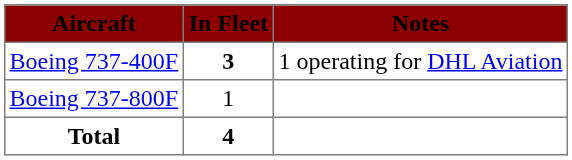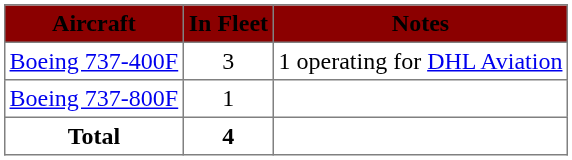 <table class="toccolours" border="1" cellpadding="3" style="margin:1em auto; white-space:nowrap; border-collapse:collapse">
 <tr bgcolor=darkred>
 <th><span> Aircraft</span></th>
 <th><span> In Fleet</span></th>
 <th><span> Notes</span></th>
 </tr>
 <tr>
 <td><a href='#'>Boeing 737-400F</a></td>
-<td align="center"><strong>3</strong></td>
+<td align="center">3</td>
 <td>1 operating for <a href='#'>DHL Aviation</a></td>
 </tr>
 <tr>
 <td><a href='#'>Boeing 737-800F</a></td>
 <td align="center">1</td>
 </tr>
 <tr>
 <th>Total</th>
 <th>4</th>
 <td></td>
 </tr>
 </table>
